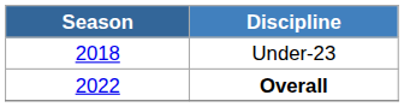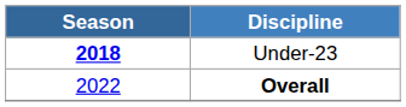 <table class="wikitable" style="font-size:95%; text-align:center; border:grey solid 1px; border-collapse:collapse; background:#ffffff;" width="15%">
 <tr style="background-color:#369; color:white;">
 <td rowspan="2" colspan="1" width="5%"><strong>Season</strong></td>
 </tr>
 <tr style="background-color:#4180be; color:white;">
 <td width="5%"><strong>Discipline</strong></td>
 </tr>
 <tr>
-<td rowspan=1 align=center><a href='#'>2018</a></td>
+<td rowspan=1 align=center><strong><a href='#'>2018</a></strong></td>
 <td align=center>Under-23</td>
 </tr>
 <tr>
 <td rowspan=1 align=center><a href='#'>2022</a></td>
 <td align=center><strong>Overall</strong></td>
 </tr>
 <tr>
 </tr>
 </table>
